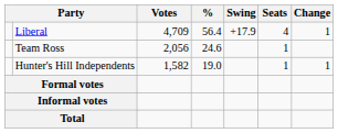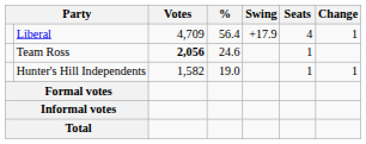 <table class="wikitable" style="text-align:right; margin-bottom:0">
 <tr>
 <th style="width:10px" colspan=3>Party</th>
 <th style="width:70px;">Votes</th>
 <th style="width:40px;">%</th>
 <th style="width:40px;">Swing</th>
 <th style="width:40px;">Seats</th>
 <th style="width:40px;">Change</th>
 </tr>
 <tr>
 <td> </td>
 <td style="text-align:left;" colspan="2"><a href='#'>Liberal</a></td>
 <td>4,709</td>
 <td>56.4</td>
 <td>+17.9</td>
 <td>4</td>
 <td> 1</td>
 </tr>
 <tr>
 <td> </td>
 <td style="text-align:left;" colspan="2">Team Ross</td>
-<td>2,056</td>
+<td><strong>2,056</strong></td>
 <td>24.6</td>
 <td></td>
 <td>1</td>
 <td></td>
 </tr>
 <tr>
 <td> </td>
 <td style="text-align:left;" colspan="2">Hunter's Hill Independents</td>
 <td>1,582</td>
 <td>19.0</td>
 <td></td>
 <td>1</td>
 <td> 1</td>
 </tr>
 <tr>
 <th colspan="3" rowspan="1"> Formal votes</th>
 <td></td>
 <td></td>
 <td></td>
 <td></td>
 <td></td>
 </tr>
 <tr>
 <th colspan="3" rowspan="1"> Informal votes</th>
 <td></td>
 <td></td>
 <td></td>
 <td></td>
 <td></td>
 </tr>
 <tr>
 <th colspan="3" rowspan="1"> <strong>Total </strong></th>
 <td></td>
 <td></td>
 <td></td>
 <td></td>
 <td></td>
 </tr>
 </table>
